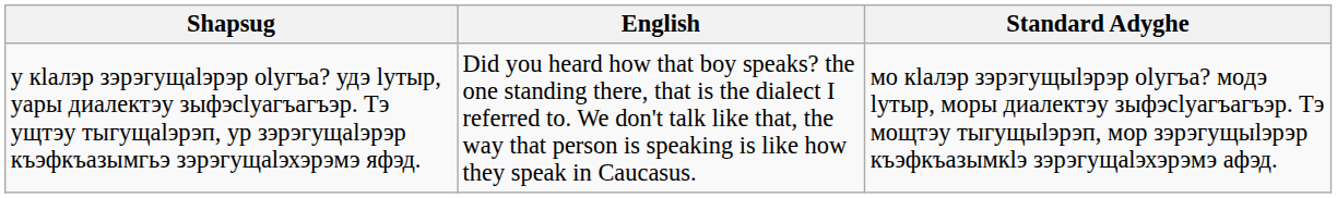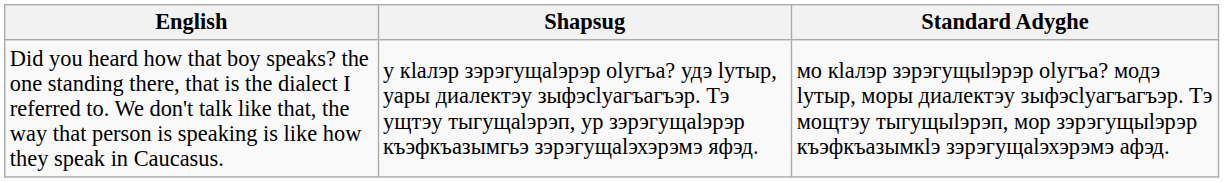 <table class="wikitable">
 <tr>
+<th>English</th>
 <th>Shapsug</th>
-<th>English</th>
 <th>Standard Adyghe</th>
 </tr>
 <tr>
+<td>Did you heard how that boy speaks? the one standing there, that is the dialect I referred to. We don't talk like that, the way that person is speaking is like how they speak in Caucasus.</td>
 <td>у кӏалэр зэрэгущаӏэрэр оӏугъа? удэ ӏутыр, уары диалектэу зыфэсӏуагъагъэр. Тэ ущтэу тыгущаӏэрэп, ур зэрэгущаӏэрэр къэфкъазымгьэ зэрэгущаӏэхэрэмэ яфэд.</td>
-<td>Did you heard how that boy speaks? the one standing there, that is the dialect I referred to. We don't talk like that, the way that person is speaking is like how they speak in Caucasus.</td>
 <td>мо кӏалэр зэрэгущыӏэрэр оӏугъа? модэ ӏутыр, моры диалектэу зыфэсӏуагъагъэр. Тэ мощтэу тыгущыӏэрэп, мор зэрэгущыӏэрэр къэфкъазымкӏэ зэрэгущаӏэхэрэмэ афэд.</td>
 </tr>
 </table>
